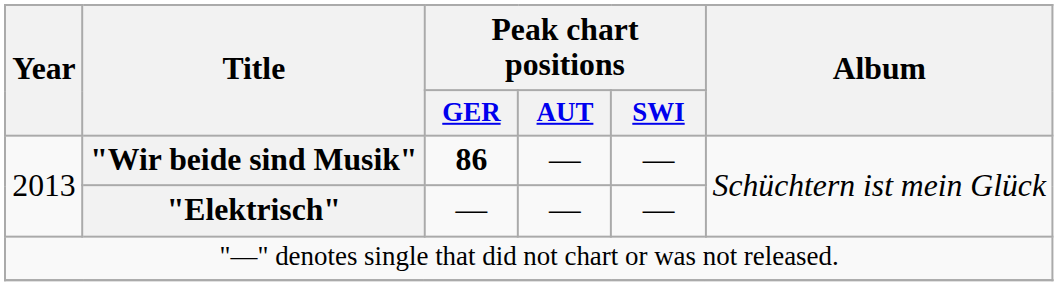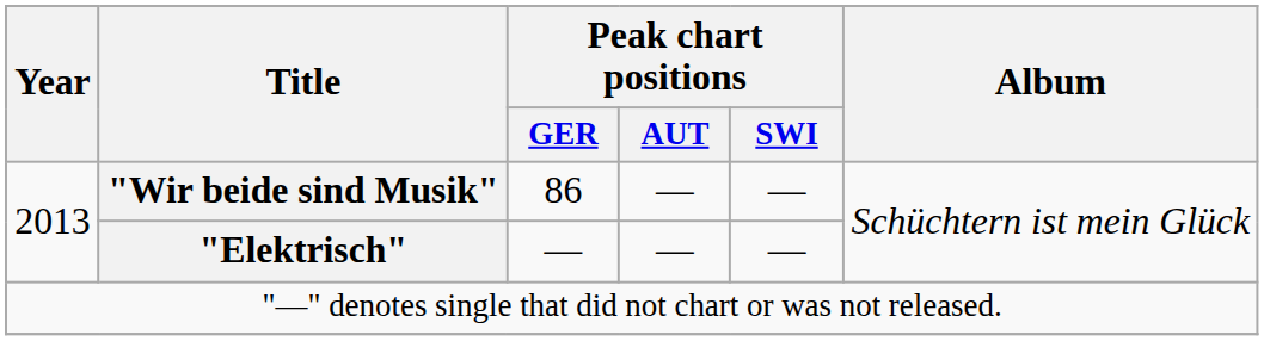 <table class="wikitable plainrowheaders" style="text-align:center;">
 <tr>
 <th scope="col" rowspan="2">Year</th>
 <th scope="col" rowspan="2">Title</th>
 <th scope="col" colspan="3">Peak chart positions</th>
 <th scope="col" rowspan="2">Album</th>
 </tr>
 <tr>
 <th scope="col" style="width:3em;font-size:85%;"><a href='#'>GER</a><br></th>
 <th scope="col" style="width:3em;font-size:85%;"><a href='#'>AUT</a><br></th>
 <th scope="col" style="width:3em;font-size:85%;"><a href='#'>SWI</a><br></th>
 </tr>
 <tr>
 <td scope="col" rowspan="2">2013</td>
 <th scope="row">"Wir beide sind Musik"</th>
-<td><strong>86</strong></td>
+<td>86</td>
 <td>—</td>
 <td>—</td>
 <td scope="col" rowspan="2"><em>Schüchtern ist mein Glück</em></td>
 </tr>
 <tr>
 <th scope="row">"Elektrisch"</th>
 <td>—</td>
 <td>—</td>
 <td>—</td>
 </tr>
 <tr>
 <td colspan="18" style="font-size:85%">"—" denotes single that did not chart or was not released.</td>
 </tr>
 <tr>
 </tr>
 </table>
